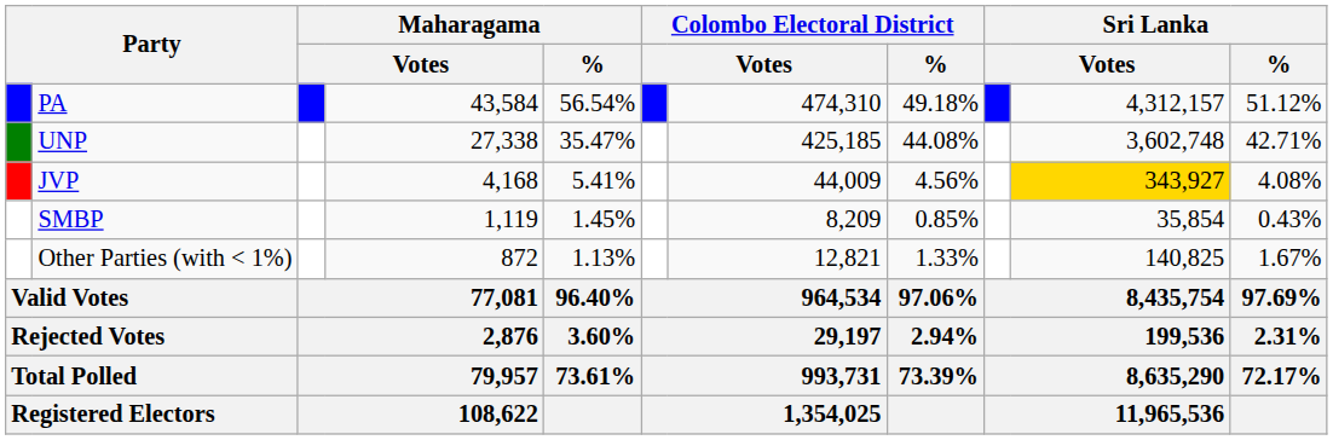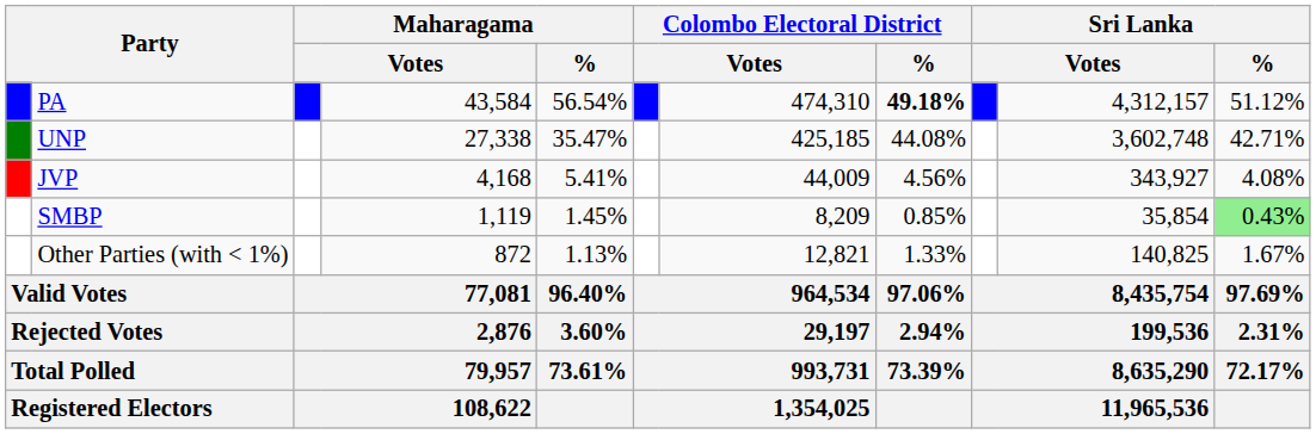 <table class="wikitable">
 <tr>
 <th colspan="2" width="144px"rowspan="2">Party</th>
 <th colspan="3" width="216px">Maharagama</th>
 <th colspan="3" width="216px"><a href='#'>Colombo Electoral District</a></th>
 <th colspan="3" width="216px">Sri Lanka</th>
 </tr>
 <tr>
 <th colspan="2" width="144px">Votes</th>
 <th>%</th>
 <th colspan="2" width="144px">Votes</th>
 <th>%</th>
 <th colspan="2" width="144px">Votes</th>
 <th>%</th>
 </tr>
 <tr>
 <td style="background-color:blue;" width="10px"></td>
 <td style="text-align:left;"><a href='#'>PA</a></td>
 <td style="background-color:blue;" width="10px"></td>
 <td style="text-align:right;">43,584</td>
 <td style="text-align:right;">56.54%</td>
 <td style="background-color:blue;" width="10px"></td>
 <td style="text-align:right;">474,310</td>
-<td style="text-align:right;">49.18%</td>
+<td style="text-align:right;"><strong>49.18%</strong></td>
 <td style="background-color:blue;" width="10px"></td>
 <td style="text-align:right;">4,312,157</td>
 <td style="text-align:right;">51.12%</td>
 </tr>
 <tr>
 <td style="background-color:green;" width="10px"></td>
 <td style="text-align:left;"><a href='#'>UNP</a></td>
 <td style="background-color:white;" width="10px"></td>
 <td style="text-align:right;">27,338</td>
 <td style="text-align:right;">35.47%</td>
 <td style="background-color:white;" width="10px"></td>
 <td style="text-align:right;">425,185</td>
 <td style="text-align:right;">44.08%</td>
 <td style="background-color:white;" width="10px"></td>
 <td style="text-align:right;">3,602,748</td>
 <td style="text-align:right;">42.71%</td>
 </tr>
 <tr>
 <td style="background-color:red;" width="10px"></td>
 <td style="text-align:left;"><a href='#'>JVP</a></td>
 <td style="background-color:white;" width="10px"></td>
 <td style="text-align:right;">4,168</td>
 <td style="text-align:right;">5.41%</td>
 <td style="background-color:white;" width="10px"></td>
 <td style="text-align:right;">44,009</td>
 <td style="text-align:right;">4.56%</td>
 <td style="background-color:white;" width="10px"></td>
-<td style="background: gold; text-align:right;">343,927</td>
+<td style="text-align:right;">343,927</td>
 <td style="text-align:right;">4.08%</td>
 </tr>
 <tr>
 <td style="background-color:white;" width="10px"></td>
 <td style="text-align:left;"><a href='#'>SMBP</a></td>
 <td style="background-color:white;" width="10px"></td>
 <td style="text-align:right;">1,119</td>
 <td style="text-align:right;">1.45%</td>
 <td style="background-color:white;" width="10px"></td>
 <td style="text-align:right;">8,209</td>
 <td style="text-align:right;">0.85%</td>
 <td style="background-color:white;" width="10px"></td>
 <td style="text-align:right;">35,854</td>
-<td style="text-align:right;">0.43%</td>
+<td style="background: lightgreen; text-align:right;">0.43%</td>
 </tr>
 <tr>
 <td style="background-color:white;" width="10px"></td>
 <td style="text-align:left;">Other Parties (with < 1%)</td>
 <td style="background-color:white;" width="10px"></td>
 <td style="text-align:right;">872</td>
 <td style="text-align:right;">1.13%</td>
 <td style="background-color:white;" width="10px"></td>
 <td style="text-align:right;">12,821</td>
 <td style="text-align:right;">1.33%</td>
 <td style="background-color:white;" width="10px"></td>
 <td style="text-align:right;">140,825</td>
 <td style="text-align:right;">1.67%</td>
 </tr>
 <tr>
 <th colspan="2" width="144px"style="text-align:left;">Valid Votes</th>
 <th style="text-align:right;"colspan="2" width="144px">77,081</th>
 <th style="text-align:right;">96.40%</th>
 <th style="text-align:right;"colspan="2" width="144px">964,534</th>
 <th style="text-align:right;">97.06%</th>
 <th style="text-align:right;"colspan="2" width="144px">8,435,754</th>
 <th style="text-align:right;">97.69%</th>
 </tr>
 <tr>
 <th colspan="2" width="144px"style="text-align:left;">Rejected Votes</th>
 <th style="text-align:right;"colspan="2" width="144px">2,876</th>
 <th style="text-align:right;">3.60%</th>
 <th style="text-align:right;"colspan="2" width="144px">29,197</th>
 <th style="text-align:right;">2.94%</th>
 <th style="text-align:right;"colspan="2" width="144px">199,536</th>
 <th style="text-align:right;">2.31%</th>
 </tr>
 <tr>
 <th colspan="2" width="144px"style="text-align:left;">Total Polled</th>
 <th style="text-align:right;"colspan="2" width="144px">79,957</th>
 <th style="text-align:right;">73.61%</th>
 <th style="text-align:right;"colspan="2" width="144px">993,731</th>
 <th style="text-align:right;">73.39%</th>
 <th style="text-align:right;"colspan="2" width="144px">8,635,290</th>
 <th style="text-align:right;">72.17%</th>
 </tr>
 <tr>
 <th colspan="2" width="144px"style="text-align:left;">Registered Electors</th>
 <th style="text-align:right;"colspan="2" width="144px">108,622</th>
 <th></th>
 <th style="text-align:right;"colspan="2" width="144px">1,354,025</th>
 <th></th>
 <th style="text-align:right;"colspan="2" width="144px">11,965,536</th>
 <th></th>
 </tr>
 </table>
